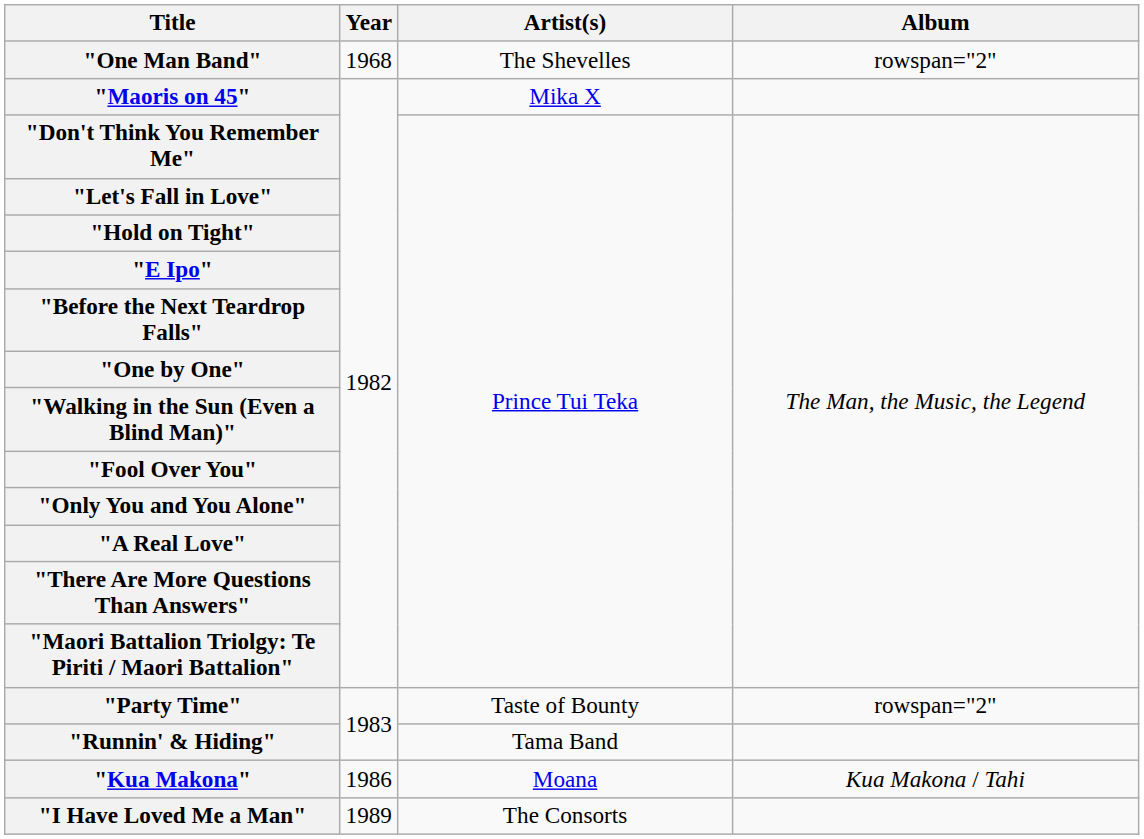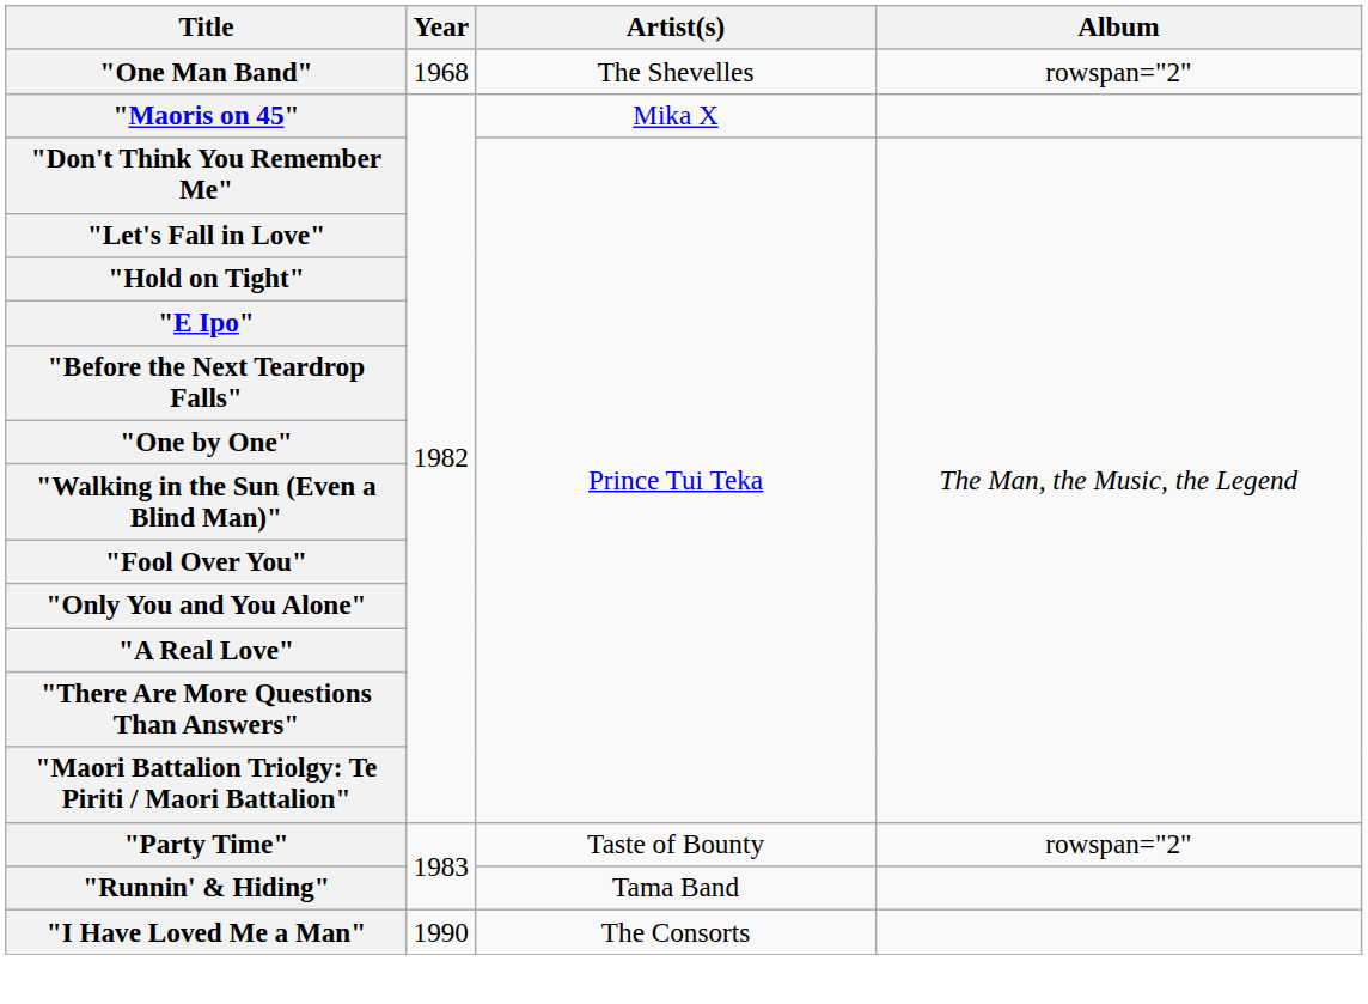 <table class="wikitable plainrowheaders" style="text-align:center;">
 <tr>
 <th scope="col" style="width:14em;">Title</th>
 <th scope="col" style="width:1em;">Year</th>
 <th scope="col" style="width:14em;">Artist(s)</th>
 <th scope="col" style="width:17em;">Album</th>
 </tr>
 <tr>
 <th scope="row">"One Man Band"</th>
 <td>1968</td>
 <td>The Shevelles</td>
 <td>rowspan="2" </td>
 </tr>
 <tr>
 <th scope="row">"<a href='#'>Maoris on 45</a>"</th>
 <td rowspan="13">1982</td>
 <td><a href='#'>Mika X</a></td>
 </tr>
 <tr>
 <th scope="row">"Don't Think You Remember Me"</th>
 <td rowspan="12"><a href='#'>Prince Tui Teka</a></td>
 <td rowspan="12"><em>The Man, the Music, the Legend</em></td>
 </tr>
 <tr>
 <th scope="row">"Let's Fall in Love"</th>
 </tr>
 <tr>
 <th scope="row">"Hold on Tight"</th>
 </tr>
 <tr>
 <th scope="row">"<a href='#'>E Ipo</a>"</th>
 </tr>
 <tr>
 <th scope="row">"Before the Next Teardrop Falls"</th>
 </tr>
 <tr>
 <th scope="row">"One by One"</th>
 </tr>
 <tr>
 <th scope="row">"Walking in the Sun (Even a Blind Man)"</th>
 </tr>
 <tr>
 <th scope="row">"Fool Over You"</th>
 </tr>
 <tr>
 <th scope="row">"Only You and You Alone"</th>
 </tr>
 <tr>
 <th scope="row">"A Real Love"</th>
 </tr>
 <tr>
 <th scope="row">"There Are More Questions Than Answers"</th>
 </tr>
 <tr>
 <th scope="row">"Maori Battalion Triolgy: Te Piriti / Maori Battalion"</th>
 </tr>
 <tr>
 <th scope="row">"Party Time"</th>
 <td rowspan="2">1983</td>
 <td>Taste of Bounty</td>
 <td>rowspan="2" </td>
 </tr>
 <tr>
 <th scope="row">"Runnin' & Hiding"</th>
 <td>Tama Band</td>
 </tr>
 <tr>
-<th scope="row">"<a href='#'>Kua Makona</a>"</th>
-<td>1986</td>
-<td><a href='#'>Moana</a></td>
-<td><em>Kua Makona</em> / <em>Tahi</em></td>
-</tr>
-<tr>
 <th scope="row">"I Have Loved Me a Man"</th>
-<td>1989</td>
+<td>1990</td>
 <td>The Consorts</td>
 <td></td>
 </tr>
 </table>
